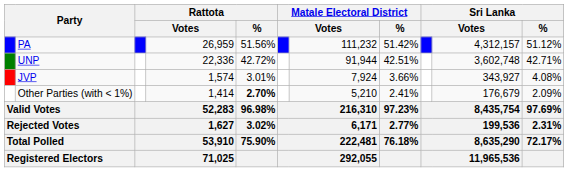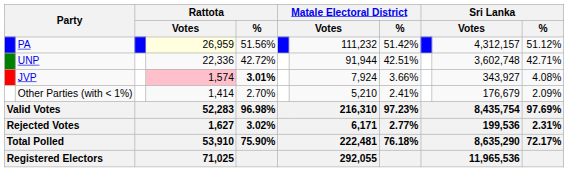 <table class="wikitable">
 <tr>
 <th colspan="2" width="144px"rowspan="2">Party</th>
 <th colspan="3" width="216px">Rattota</th>
 <th colspan="3" width="216px"><a href='#'>Matale Electoral District</a></th>
 <th colspan="3" width="216px">Sri Lanka</th>
 </tr>
 <tr>
 <th colspan="2" width="144px">Votes</th>
 <th>%</th>
 <th colspan="2" width="144px">Votes</th>
 <th>%</th>
 <th colspan="2" width="144px">Votes</th>
 <th>%</th>
 </tr>
 <tr>
 <td style="background-color:blue;" width="10px"></td>
 <td style="text-align:left;"><a href='#'>PA</a></td>
 <td style="background-color:blue;" width="10px"></td>
-<td style="text-align:right;">26,959</td>
+<td style="background: lightyellow; text-align:right;">26,959</td>
 <td style="text-align:right;">51.56%</td>
 <td style="background-color:blue;" width="10px"></td>
 <td style="text-align:right;">111,232</td>
 <td style="text-align:right;">51.42%</td>
 <td style="background-color:blue;" width="10px"></td>
 <td style="text-align:right;">4,312,157</td>
 <td style="text-align:right;">51.12%</td>
 </tr>
 <tr>
 <td style="background-color:green;" width="10px"></td>
 <td style="text-align:left;"><a href='#'>UNP</a></td>
 <td style="background-color:white;" width="10px"></td>
 <td style="text-align:right;">22,336</td>
 <td style="text-align:right;">42.72%</td>
 <td style="background-color:white;" width="10px"></td>
 <td style="text-align:right;">91,944</td>
 <td style="text-align:right;">42.51%</td>
 <td style="background-color:white;" width="10px"></td>
 <td style="text-align:right;">3,602,748</td>
 <td style="text-align:right;">42.71%</td>
 </tr>
 <tr>
 <td style="background-color:red;" width="10px"></td>
 <td style="text-align:left;"><a href='#'>JVP</a></td>
 <td style="background-color:white;" width="10px"></td>
-<td style="text-align:right;">1,574</td>
-<td style="text-align:right;">3.01%</td>
+<td style="background: pink; text-align:right;">1,574</td>
+<td style="text-align:right;"><strong>3.01%</strong></td>
 <td style="background-color:white;" width="10px"></td>
 <td style="text-align:right;">7,924</td>
 <td style="text-align:right;">3.66%</td>
 <td style="background-color:white;" width="10px"></td>
 <td style="text-align:right;">343,927</td>
 <td style="text-align:right;">4.08%</td>
 </tr>
 <tr>
 <td style="background-color:white;" width="10px"></td>
 <td style="text-align:left;">Other Parties (with < 1%)</td>
 <td style="background-color:white;" width="10px"></td>
 <td style="text-align:right;">1,414</td>
-<td style="text-align:right;"><strong>2.70%</strong></td>
+<td style="text-align:right;">2.70%</td>
 <td style="background-color:white;" width="10px"></td>
 <td style="text-align:right;">5,210</td>
 <td style="text-align:right;">2.41%</td>
 <td style="background-color:white;" width="10px"></td>
 <td style="text-align:right;">176,679</td>
 <td style="text-align:right;">2.09%</td>
 </tr>
 <tr>
 <th colspan="2" width="144px"style="text-align:left;">Valid Votes</th>
 <th style="text-align:right;"colspan="2" width="144px">52,283</th>
 <th style="text-align:right;">96.98%</th>
 <th style="text-align:right;"colspan="2" width="144px">216,310</th>
 <th style="text-align:right;">97.23%</th>
 <th style="text-align:right;"colspan="2" width="144px">8,435,754</th>
 <th style="text-align:right;">97.69%</th>
 </tr>
 <tr>
 <th colspan="2" width="144px"style="text-align:left;">Rejected Votes</th>
 <th style="text-align:right;"colspan="2" width="144px">1,627</th>
 <th style="text-align:right;">3.02%</th>
 <th style="text-align:right;"colspan="2" width="144px">6,171</th>
 <th style="text-align:right;">2.77%</th>
 <th style="text-align:right;"colspan="2" width="144px">199,536</th>
 <th style="text-align:right;">2.31%</th>
 </tr>
 <tr>
 <th colspan="2" width="144px"style="text-align:left;">Total Polled</th>
 <th style="text-align:right;"colspan="2" width="144px">53,910</th>
 <th style="text-align:right;">75.90%</th>
 <th style="text-align:right;"colspan="2" width="144px">222,481</th>
 <th style="text-align:right;">76.18%</th>
 <th style="text-align:right;"colspan="2" width="144px">8,635,290</th>
 <th style="text-align:right;">72.17%</th>
 </tr>
 <tr>
 <th colspan="2" width="144px"style="text-align:left;">Registered Electors</th>
 <th style="text-align:right;"colspan="2" width="144px">71,025</th>
 <th></th>
 <th style="text-align:right;"colspan="2" width="144px">292,055</th>
 <th></th>
 <th style="text-align:right;"colspan="2" width="144px">11,965,536</th>
 <th></th>
 </tr>
 </table>
